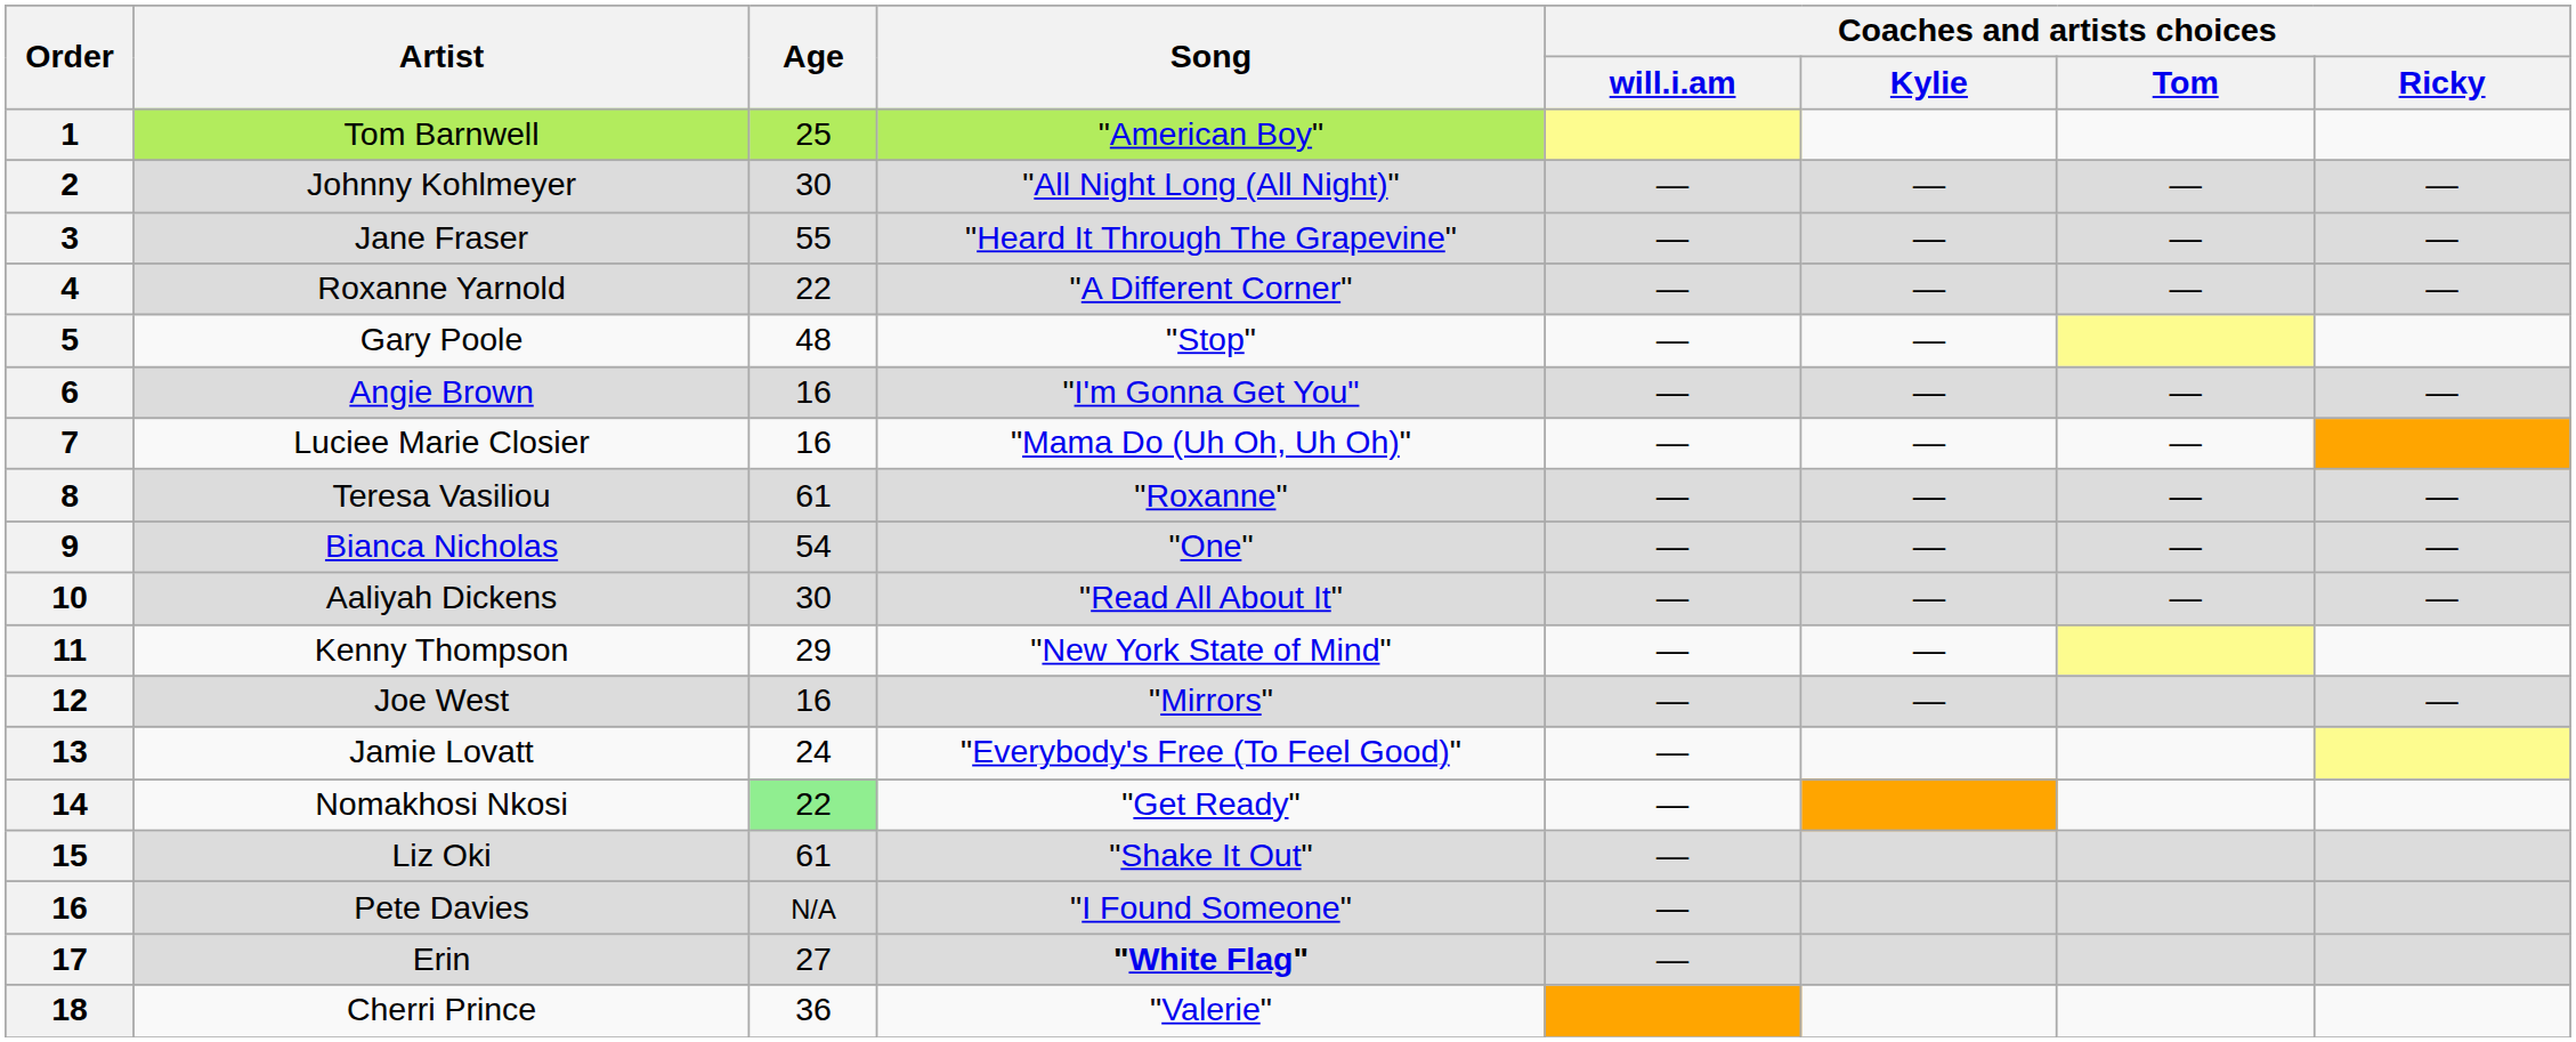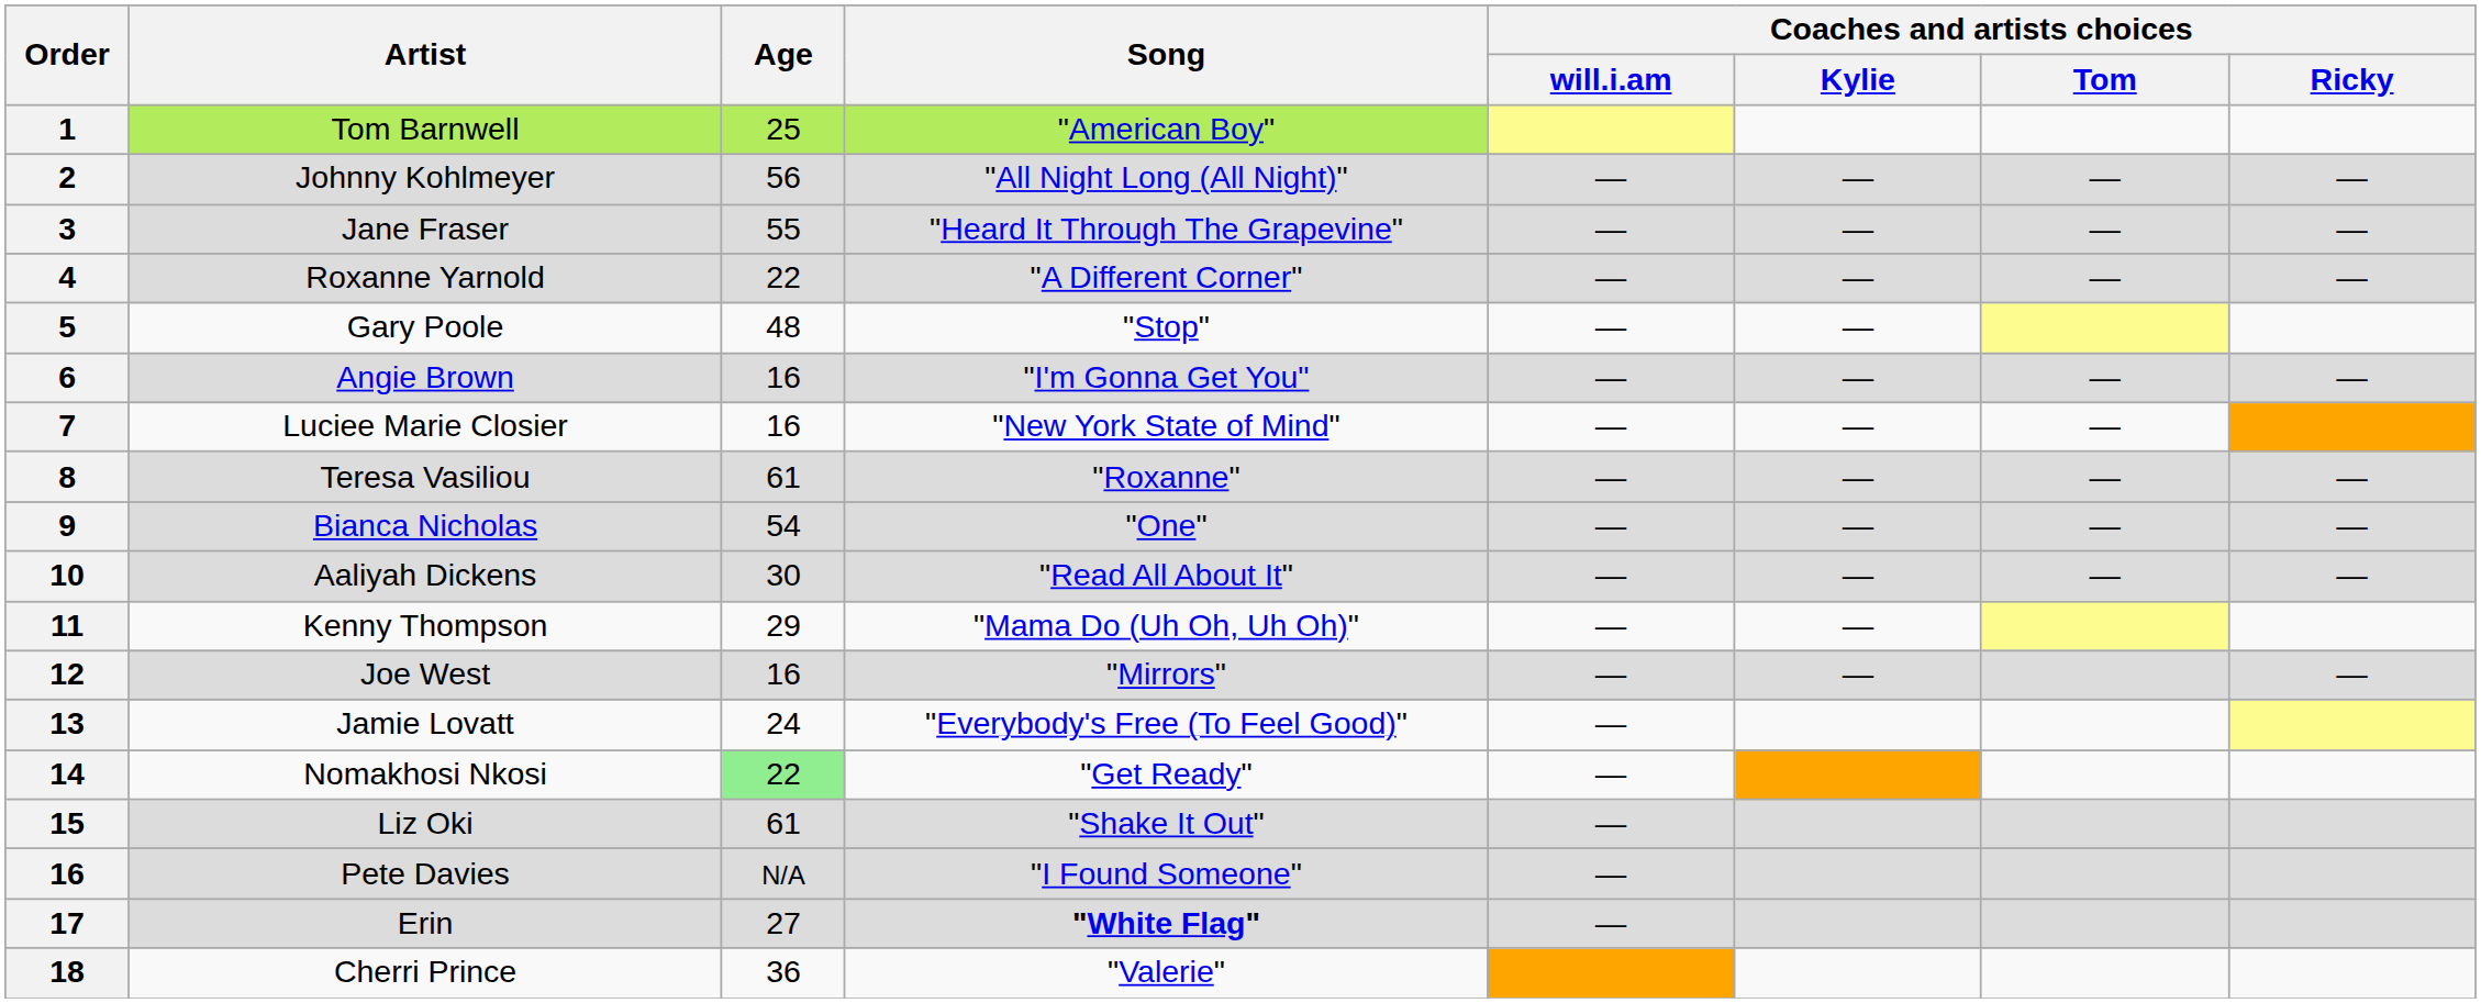 <table class="wikitable" style="text-align:center; width:100%;">
 <tr>
 <th scope="col" rowspan="2" style="width:05%;">Order</th>
 <th scope="col" rowspan="2" style="width:24%;">Artist</th>
 <th scope="col" rowspan="2" style="width:05%;">Age</th>
 <th scope="col" rowspan="2" style="width:26%;">Song</th>
 <th colspan="4" style="width:40%;">Coaches and artists choices</th>
 </tr>
 <tr>
 <th style="width:10%;"><a href='#'>will.i.am</a></th>
 <th style="width:10%;"><a href='#'>Kylie</a></th>
 <th style="width:10%;"><a href='#'>Tom</a></th>
 <th style="width:10%;"><a href='#'>Ricky</a></th>
 </tr>
 <tr>
 <th scope="col">1</th>
 <td style="background-color:#B2EC5D;">Tom Barnwell</td>
 <td style="background-color:#B2EC5D;">25</td>
 <td style="background-color:#B2EC5D;">"<a href='#'>American Boy</a>"</td>
 <td style="background:#fdfc8f;text-align:center;"><strong></strong></td>
 <td><strong></strong></td>
 <td><strong></strong></td>
 <td><strong></strong></td>
 </tr>
 <tr style="background:#DCDCDC">
 <th scope="col">2</th>
 <td style="background:#DCDCDC; text-align:center;">Johnny Kohlmeyer</td>
-<td style="background:#DCDCDC; text-align:center;">30</td>
+<td style="background:#DCDCDC; text-align:center;">56</td>
 <td style="background:#DCDCDC; text-align:center;">"<a href='#'>All Night Long (All Night)</a>"</td>
 <td>—</td>
 <td>—</td>
 <td>—</td>
 <td>—</td>
 </tr>
 <tr style="background:#DCDCDC">
 <th scope="col">3</th>
 <td style="background:#DCDCDC; text-align:center;">Jane Fraser</td>
 <td style="background:#DCDCDC; text-align:center;">55</td>
 <td style="background:#DCDCDC; text-align:center;">"<a href='#'>Heard It Through The Grapevine</a>"</td>
 <td>—</td>
 <td>—</td>
 <td>—</td>
 <td>—</td>
 </tr>
 <tr style="background:#DCDCDC">
 <th scope="col">4</th>
 <td style="background:#DCDCDC; text-align:center;">Roxanne Yarnold</td>
 <td style="background:#DCDCDC; text-align:center;">22</td>
 <td style="background:#DCDCDC; text-align:center;">"<a href='#'>A Different Corner</a>"</td>
 <td>—</td>
 <td>—</td>
 <td>—</td>
 <td>—</td>
 </tr>
 <tr>
 <th scope="col">5</th>
 <td>Gary Poole</td>
 <td>48</td>
 <td>"<a href='#'>Stop</a>"</td>
 <td>—</td>
 <td>—</td>
 <td style="background:#fdfc8f;text-align:center;"><strong></strong></td>
 <td><strong></strong></td>
 </tr>
 <tr style="background:#DCDCDC">
 <th scope="col">6</th>
 <td style="background:#DCDCDC; text-align:center;"><a href='#'>Angie Brown</a></td>
 <td style="background:#DCDCDC; text-align:center;">16</td>
 <td style="background:#DCDCDC; text-align:center;">"<a href='#'>I'm Gonna Get You"</a></td>
 <td>—</td>
 <td>—</td>
 <td>—</td>
 <td>—</td>
 </tr>
 <tr>
 <th scope="col">7</th>
 <td>Luciee Marie Closier</td>
 <td>16</td>
-<td>"<a href='#'>Mama Do (Uh Oh, Uh Oh)</a>"</td>
+<td>"<a href='#'>New York State of Mind</a>"</td>
 <td>—</td>
 <td>—</td>
 <td>—</td>
 <td style="background:orange;text-align:center;"><strong></strong></td>
 </tr>
 <tr style="background:#DCDCDC">
 <th scope="col">8</th>
 <td style="background:#DCDCDC; text-align:center;">Teresa Vasiliou</td>
 <td style="background:#DCDCDC; text-align:center;">61</td>
 <td style="background:#DCDCDC; text-align:center;">"<a href='#'>Roxanne</a>"</td>
 <td>—</td>
 <td>—</td>
 <td>—</td>
 <td>—</td>
 </tr>
 <tr style="background:#DCDCDC">
 <th scope="col">9</th>
 <td style="background:#DCDCDC; text-align:center;"><a href='#'>Bianca Nicholas</a></td>
 <td style="background:#DCDCDC; text-align:center;">54</td>
 <td style="background:#DCDCDC; text-align:center;">"<a href='#'>One</a>"</td>
 <td>—</td>
 <td>—</td>
 <td>—</td>
 <td>—</td>
 </tr>
 <tr style="background:#DCDCDC">
 <th scope="col">10</th>
 <td style="background:#DCDCDC; text-align:center;">Aaliyah Dickens</td>
 <td style="background:#DCDCDC; text-align:center;">30</td>
 <td style="background:#DCDCDC; text-align:center;">"<a href='#'>Read All About It</a>"</td>
 <td>—</td>
 <td>—</td>
 <td>—</td>
 <td>—</td>
 </tr>
 <tr>
 <th scope="col">11</th>
 <td>Kenny Thompson</td>
 <td>29</td>
-<td>"<a href='#'>New York State of Mind</a>"</td>
+<td>"<a href='#'>Mama Do (Uh Oh, Uh Oh)</a>"</td>
 <td>—</td>
 <td>—</td>
 <td style="background:#fdfc8f;text-align:center;"><strong></strong></td>
 <td><strong></strong></td>
 </tr>
 <tr style="background:#DCDCDC">
 <th scope="col">12</th>
 <td style="background:#DCDCDC; text-align:center;">Joe West</td>
 <td style="background:#DCDCDC; text-align:center;">16</td>
 <td style="background:#DCDCDC; text-align:center;">"<a href='#'>Mirrors</a>"</td>
 <td>—</td>
 <td>—</td>
 <td></td>
 <td>—</td>
 </tr>
 <tr>
 <th scope="col">13</th>
 <td>Jamie Lovatt</td>
 <td>24</td>
 <td>"<a href='#'>Everybody's Free (To Feel Good)</a>"</td>
 <td>—</td>
 <td><strong></strong></td>
 <td></td>
 <td style="background:#fdfc8f;text-align:center;"><strong></strong></td>
 </tr>
 <tr>
 <th scope="col">14</th>
 <td>Nomakhosi Nkosi</td>
 <td style="background: lightgreen;">22</td>
 <td>"<a href='#'>Get Ready</a>"</td>
 <td>—</td>
 <td style="background:orange;text-align:center;"><strong></strong></td>
 <td></td>
 <td></td>
 </tr>
 <tr style="background:#DCDCDC">
 <th scope="col">15</th>
 <td style="background:#DCDCDC; text-align:center;">Liz Oki</td>
 <td style="background:#DCDCDC; text-align:center;">61</td>
 <td style="background:#DCDCDC; text-align:center;">"<a href='#'>Shake It Out</a>"</td>
 <td>—</td>
 <td></td>
 <td></td>
 <td></td>
 </tr>
 <tr style="background:#DCDCDC">
 <th scope="col">16</th>
 <td style="background:#DCDCDC; text-align:center;">Pete Davies</td>
 <td style="background:#DCDCDC; text-align:center;"><small>N/A</small></td>
 <td style="background:#DCDCDC; text-align:center;">"<a href='#'>I Found Someone</a>"</td>
 <td>—</td>
 <td></td>
 <td></td>
 <td></td>
 </tr>
 <tr style="background:#DCDCDC">
 <th scope="col">17</th>
 <td style="background:#DCDCDC; text-align:center;">Erin</td>
 <td style="background:#DCDCDC; text-align:center;">27</td>
 <td style="background:#DCDCDC; text-align:center;"><strong>"<a href='#'>White Flag</a>"</strong></td>
 <td>—</td>
 <td></td>
 <td></td>
 <td></td>
 </tr>
 <tr>
 <th scope="col">18</th>
 <td>Cherri Prince</td>
 <td>36</td>
 <td>"<a href='#'>Valerie</a>"</td>
 <td style="background:orange;text-align:center;"><strong></strong></td>
 <td></td>
 <td></td>
 <td></td>
 </tr>
 </table>
